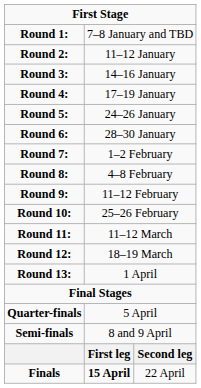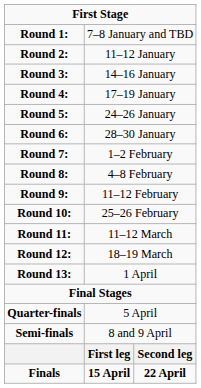 <table class=wikitable style="text-align:center; font-size:90%">
 <tr>
 <td colspan=3><strong>First Stage</strong></td>
 </tr>
 <tr>
 <td><strong>Round 1:</strong></td>
 <td colspan=2>7–8 January and TBD</td>
 </tr>
 <tr>
 <td><strong>Round 2:</strong></td>
 <td colspan=2>11–12 January</td>
 </tr>
 <tr>
 <td><strong>Round 3:</strong></td>
 <td colspan=2>14–16 January</td>
 </tr>
 <tr>
 <td><strong>Round 4:</strong></td>
 <td colspan=2>17–19 January</td>
 </tr>
 <tr>
 <td><strong>Round 5:</strong></td>
 <td colspan=2>24–26 January</td>
 </tr>
 <tr>
 <td><strong>Round 6:</strong></td>
 <td colspan=2>28–30 January</td>
 </tr>
 <tr>
 <td><strong>Round 7:</strong></td>
 <td colspan=2>1–2 February</td>
 </tr>
 <tr>
 <td><strong>Round 8:</strong></td>
 <td colspan=2>4–8 February</td>
 </tr>
 <tr>
 <td><strong>Round 9:</strong></td>
 <td colspan=2>11–12 February</td>
 </tr>
 <tr>
 <td><strong>Round 10:</strong></td>
 <td colspan=2>25–26 February</td>
 </tr>
 <tr>
 <td><strong>Round 11:</strong></td>
 <td colspan=2>11–12 March</td>
 </tr>
 <tr>
 <td><strong>Round 12:</strong></td>
 <td colspan=2>18–19 March</td>
 </tr>
 <tr>
 <td><strong>Round 13:</strong></td>
 <td colspan=2>1 April</td>
 </tr>
 <tr>
 <td colspan=3><strong>Final Stages</strong></td>
 </tr>
 <tr>
 <td><strong>Quarter-finals</strong></td>
 <td colspan=2>5 April</td>
 </tr>
 <tr>
 <td><strong>Semi-finals</strong></td>
 <td colspan=2>8 and 9 April</td>
 </tr>
 <tr>
 <th></th>
 <th>First leg</th>
 <th>Second leg</th>
 </tr>
 <tr>
 <td><strong>Finals</strong></td>
 <td><strong>15 April</strong></td>
-<td>22 April</td>
+<td><strong>22 April</strong></td>
 </tr>
 </table>
